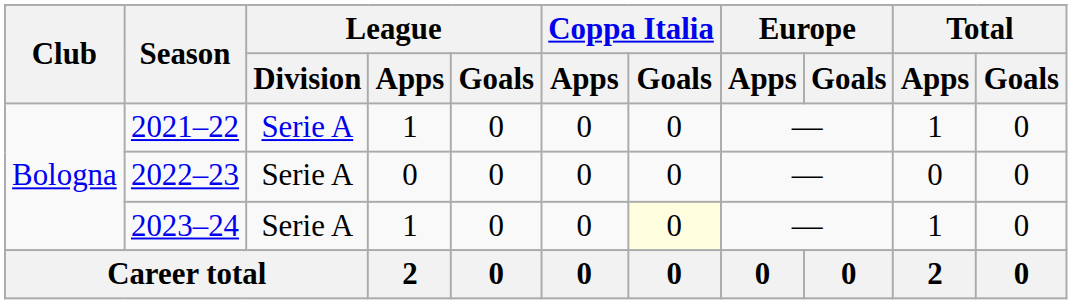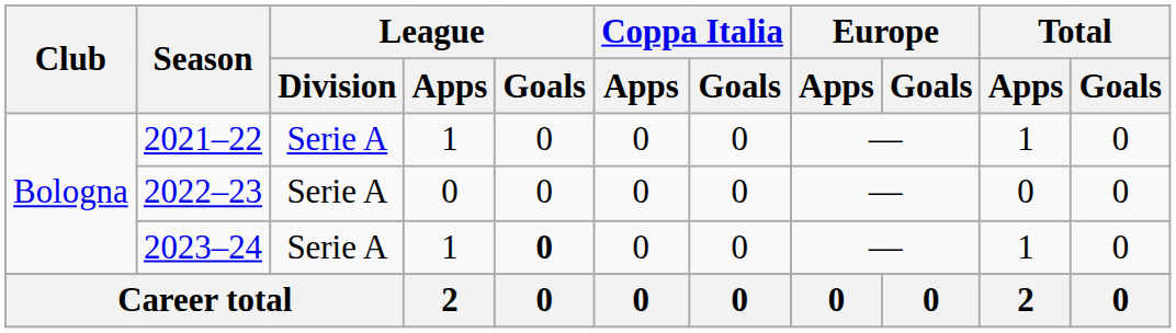 <table class="wikitable" style="text-align:center">
 <tr>
 <th rowspan="2">Club</th>
 <th rowspan="2">Season</th>
 <th colspan="3">League</th>
 <th colspan="2"><a href='#'>Coppa Italia</a></th>
 <th colspan="2">Europe</th>
 <th colspan="2">Total</th>
 </tr>
 <tr>
 <th>Division</th>
 <th>Apps</th>
 <th>Goals</th>
 <th>Apps</th>
 <th>Goals</th>
 <th>Apps</th>
 <th>Goals</th>
 <th>Apps</th>
 <th>Goals</th>
 </tr>
 <tr>
 <td rowspan="3"><a href='#'>Bologna</a></td>
 <td><a href='#'>2021–22</a></td>
 <td><a href='#'>Serie A</a></td>
 <td>1</td>
 <td>0</td>
 <td>0</td>
 <td>0</td>
 <td colspan="2">—</td>
 <td>1</td>
 <td>0</td>
 </tr>
 <tr>
 <td><a href='#'>2022–23</a></td>
 <td>Serie A</td>
 <td>0</td>
 <td>0</td>
 <td>0</td>
 <td>0</td>
 <td colspan="2">—</td>
 <td>0</td>
 <td>0</td>
 </tr>
 <tr>
 <td><a href='#'>2023–24</a></td>
 <td>Serie A</td>
 <td>1</td>
+<td><strong>0</strong></td>
 <td>0</td>
 <td>0</td>
-<td style="background: lightyellow;">0</td>
 <td colspan="2">—</td>
 <td>1</td>
 <td>0</td>
 </tr>
 <tr>
 <th colspan="3">Career total</th>
 <th>2</th>
 <th>0</th>
 <th>0</th>
 <th>0</th>
 <th>0</th>
 <th>0</th>
 <th>2</th>
 <th>0</th>
 </tr>
 </table>
